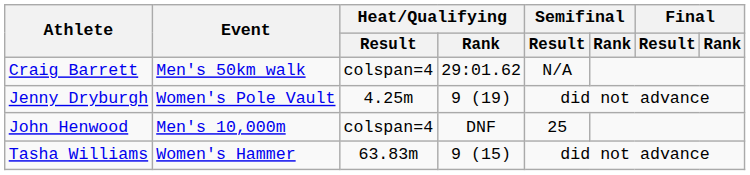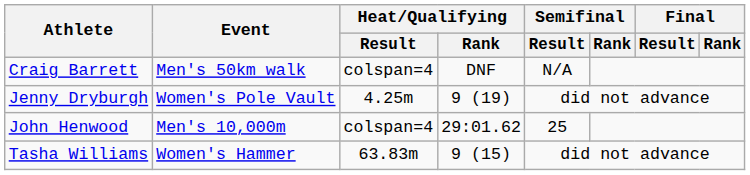 <table class=wikitable style=font-size:90%;text-align:center>
 <tr>
 <th rowspan=2>Athlete</th>
 <th rowspan=2>Event</th>
 <th colspan=2>Heat/Qualifying</th>
 <th colspan=2>Semifinal</th>
 <th colspan=2>Final</th>
 </tr>
 <tr style=font-size:95%>
 <th>Result</th>
 <th>Rank</th>
 <th>Result</th>
 <th>Rank</th>
 <th>Result</th>
 <th>Rank</th>
 </tr>
 <tr>
 <td align=left><a href='#'>Craig Barrett</a></td>
 <td align=left><a href='#'>Men's 50km walk</a></td>
 <td>colspan=4 </td>
-<td>29:01.62</td>
+<td>DNF</td>
 <td>N/A</td>
 </tr>
 <tr>
 <td align=left><a href='#'>Jenny Dryburgh</a></td>
 <td align=left><a href='#'>Women's Pole Vault</a></td>
 <td>4.25m</td>
 <td>9 (19)</td>
 <td colspan=4>did not advance</td>
 </tr>
 <tr>
 <td align=left><a href='#'>John Henwood</a></td>
 <td align=left><a href='#'>Men's 10,000m</a></td>
 <td>colspan=4 </td>
-<td>DNF</td>
+<td>29:01.62</td>
 <td>25</td>
 </tr>
 <tr>
 <td align=left><a href='#'>Tasha Williams</a></td>
 <td align=left><a href='#'>Women's Hammer</a></td>
 <td>63.83m</td>
 <td>9 (15)</td>
 <td colspan=4>did not advance</td>
 </tr>
 </table>
